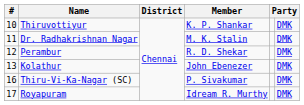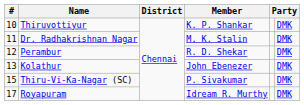 <table class="wikitable">
 <tr>
 <th>#</th>
 <th>Name</th>
 <th>District</th>
 <th>Member</th>
 <th colspan="2">Party</th>
 </tr>
 <tr>
 <td>10</td>
 <td><a href='#'>Thiruvottiyur</a></td>
 <td rowspan="6"><a href='#'>Chennai</a></td>
 <td><a href='#'>K. P. Shankar</a></td>
 <td style="background-color: "></td>
 <td><a href='#'>DMK</a></td>
 </tr>
 <tr>
 <td>11</td>
 <td><a href='#'>Dr. Radhakrishnan Nagar</a></td>
 <td><a href='#'>M. K. Stalin</a></td>
 <td style="background-color: "></td>
 <td><a href='#'>DMK</a></td>
 </tr>
 <tr>
 <td>12</td>
 <td><a href='#'>Perambur</a></td>
 <td><a href='#'>R. D. Shekar</a></td>
 <td style="background-color: "></td>
 <td><a href='#'>DMK</a></td>
 </tr>
 <tr>
 <td>13</td>
 <td><a href='#'>Kolathur</a></td>
 <td><a href='#'>John Ebenezer</a></td>
 <td style="background-color: "></td>
 <td><a href='#'>DMK</a></td>
 </tr>
 <tr>
-<td>16</td>
+<td>15</td>
 <td><a href='#'>Thiru-Vi-Ka-Nagar</a> (SC)</td>
 <td><a href='#'>P. Sivakumar</a></td>
 <td style="background-color: "></td>
 <td><a href='#'>DMK</a></td>
 </tr>
 <tr>
 <td>17</td>
 <td><a href='#'>Royapuram</a></td>
 <td><a href='#'>Idream R. Murthy</a></td>
 <td style="background-color: "></td>
 <td><a href='#'>DMK</a></td>
 </tr>
 </table>
